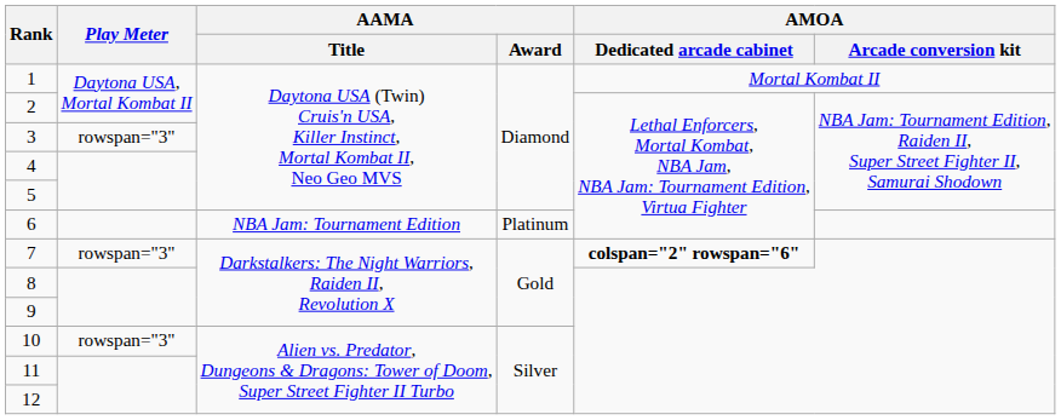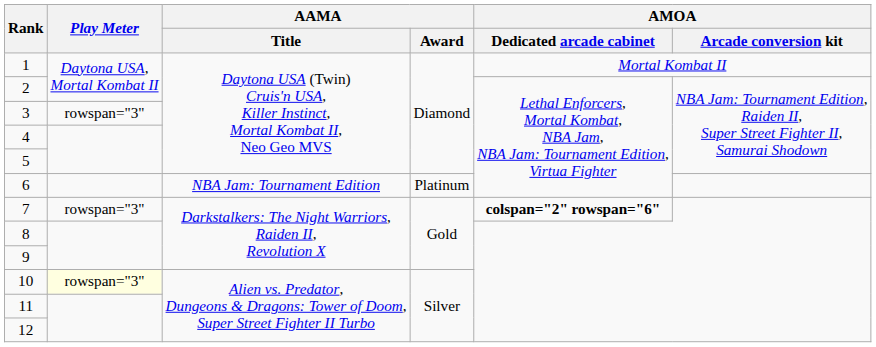 <table class="wikitable sortable" style="text-align:center">
 <tr>
 <th rowspan="2">Rank</th>
 <th rowspan="2"><em><a href='#'>Play Meter</a></em></th>
 <th colspan="2">AAMA</th>
 <th colspan="2">AMOA</th>
 </tr>
 <tr>
 <th>Title</th>
 <th>Award</th>
 <th>Dedicated <a href='#'>arcade cabinet</a></th>
 <th><a href='#'>Arcade conversion</a> kit</th>
 </tr>
 <tr>
 <td>1</td>
 <td rowspan="2"><em><a href='#'>Daytona USA</a></em>, <br> <em><a href='#'>Mortal Kombat II</a></em></td>
 <td rowspan="5"><em><a href='#'>Daytona USA</a></em> (Twin) <br> <em><a href='#'>Cruis'n USA</a></em>, <br> <em><a href='#'>Killer Instinct</a></em>, <br> <em><a href='#'>Mortal Kombat II</a></em>, <br> <a href='#'>Neo Geo MVS</a></td>
 <td rowspan="5">Diamond</td>
 <td colspan="2"><em><a href='#'>Mortal Kombat II</a></em></td>
 </tr>
 <tr>
 <td>2</td>
 <td rowspan="5"><em><a href='#'>Lethal Enforcers</a></em>, <br> <em><a href='#'>Mortal Kombat</a></em>, <br> <em><a href='#'>NBA Jam</a></em>, <br> <em><a href='#'>NBA Jam: Tournament Edition</a></em>, <br> <em><a href='#'>Virtua Fighter</a></em></td>
 <td rowspan="4"><em><a href='#'>NBA Jam: Tournament Edition</a></em>, <br> <em><a href='#'>Raiden II</a></em>, <br> <em><a href='#'>Super Street Fighter II</a></em>, <br> <em><a href='#'>Samurai Shodown</a></em></td>
 </tr>
 <tr>
 <td>3</td>
 <td>rowspan="3" </td>
 </tr>
 <tr>
 <td>4</td>
 </tr>
 <tr>
 <td>5</td>
 </tr>
 <tr>
 <td>6</td>
 <td></td>
 <td><em><a href='#'>NBA Jam: Tournament Edition</a></em></td>
 <td>Platinum</td>
 <td></td>
 </tr>
 <tr>
 <td>7</td>
 <td>rowspan="3" </td>
 <td rowspan="3"><em><a href='#'>Darkstalkers: The Night Warriors</a></em>, <br> <em><a href='#'>Raiden II</a></em>, <br> <em><a href='#'>Revolution X</a></em></td>
 <td rowspan="3">Gold</td>
 <td><strong>colspan="2" rowspan="6" </strong></td>
 </tr>
 <tr>
 <td>8</td>
 </tr>
 <tr>
 <td>9</td>
 </tr>
 <tr>
 <td>10</td>
-<td>rowspan="3" </td>
+<td style="background: lightyellow;">rowspan="3" </td>
 <td rowspan="3"><em><a href='#'>Alien vs. Predator</a></em>, <br> <em><a href='#'>Dungeons & Dragons: Tower of Doom</a></em>, <br> <em><a href='#'>Super Street Fighter II Turbo</a></em></td>
 <td rowspan="3">Silver</td>
 </tr>
 <tr>
 <td>11</td>
 </tr>
 <tr>
 <td>12</td>
 </tr>
 </table>
